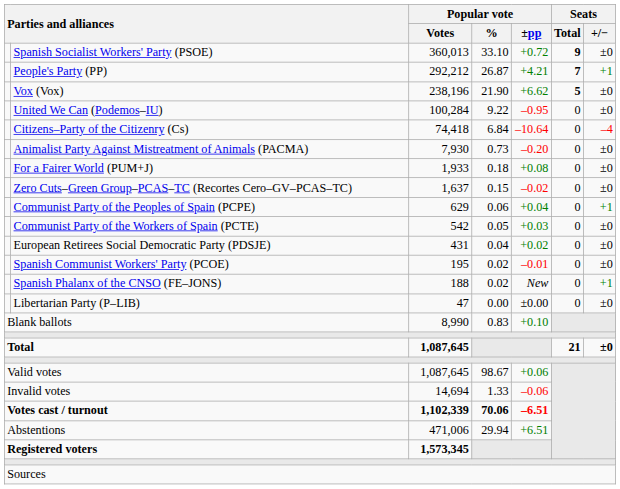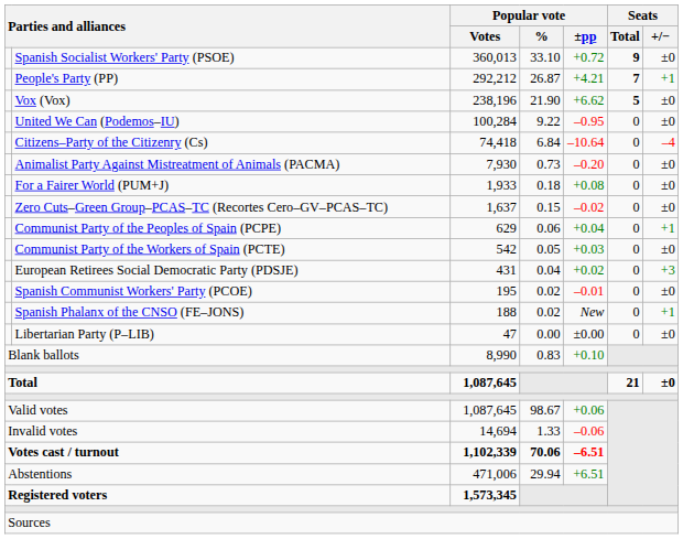 <table class="wikitable" style="text-align:right;">
 <tr>
 <th style="text-align:left;" rowspan="2" colspan="2" width="525">Parties and alliances</th>
 <th colspan="3">Popular vote</th>
 <th colspan="2">Seats</th>
 </tr>
 <tr>
 <th width="75">Votes</th>
 <th width="45">%</th>
 <th width="45">±<a href='#'>pp</a></th>
 <th width="35">Total</th>
 <th width="35">+/−</th>
 </tr>
 <tr>
 <td width="1" style="color:inherit;background:"></td>
 <td align="left"><a href='#'>Spanish Socialist Workers' Party</a> (PSOE)</td>
 <td>360,013</td>
 <td>33.10</td>
 <td style="color:green;">+0.72</td>
 <td><strong>9</strong></td>
 <td>±0</td>
 </tr>
 <tr>
 <td style="color:inherit;background:"></td>
 <td align="left"><a href='#'>People's Party</a> (PP)</td>
 <td>292,212</td>
 <td>26.87</td>
 <td style="color:green;">+4.21</td>
 <td><strong>7</strong></td>
 <td style="color:green;">+1</td>
 </tr>
 <tr>
 <td style="color:inherit;background:"></td>
 <td align="left"><a href='#'>Vox</a> (Vox)</td>
 <td>238,196</td>
 <td>21.90</td>
 <td style="color:green;">+6.62</td>
 <td><strong>5</strong></td>
 <td>±0</td>
 </tr>
 <tr>
 <td style="color:inherit;background:"></td>
 <td align="left"><a href='#'>United We Can</a> (<a href='#'>Podemos</a>–<a href='#'>IU</a>)</td>
 <td>100,284</td>
 <td>9.22</td>
 <td style="color:red;">–0.95</td>
 <td>0</td>
 <td>±0</td>
 </tr>
 <tr>
 <td style="color:inherit;background:"></td>
 <td align="left"><a href='#'>Citizens–Party of the Citizenry</a> (Cs)</td>
 <td>74,418</td>
 <td>6.84</td>
 <td style="color:red;">–10.64</td>
 <td>0</td>
 <td style="color:red;">–4</td>
 </tr>
 <tr>
 <td style="color:inherit;background:"></td>
 <td align="left"><a href='#'>Animalist Party Against Mistreatment of Animals</a> (PACMA)</td>
 <td>7,930</td>
 <td>0.73</td>
 <td style="color:red;">–0.20</td>
 <td>0</td>
 <td>±0</td>
 </tr>
 <tr>
 <td style="color:inherit;background:"></td>
 <td align="left"><a href='#'>For a Fairer World</a> (PUM+J)</td>
 <td>1,933</td>
 <td>0.18</td>
 <td style="color:green;">+0.08</td>
 <td>0</td>
 <td>±0</td>
 </tr>
 <tr>
 <td style="color:inherit;background:"></td>
 <td align="left"><a href='#'>Zero Cuts</a>–<a href='#'>Green Group</a>–<a href='#'>PCAS</a>–<a href='#'>TC</a> (Recortes Cero–GV–PCAS–TC)</td>
 <td>1,637</td>
 <td>0.15</td>
 <td style="color:red;">–0.02</td>
 <td>0</td>
 <td>±0</td>
 </tr>
 <tr>
 <td style="color:inherit;background:"></td>
 <td align="left"><a href='#'>Communist Party of the Peoples of Spain</a> (PCPE)</td>
 <td>629</td>
 <td>0.06</td>
 <td style="color:green;">+0.04</td>
 <td>0</td>
 <td style="color:green;">+1</td>
 </tr>
 <tr>
 <td style="color:inherit;background:"></td>
 <td align="left"><a href='#'>Communist Party of the Workers of Spain</a> (PCTE)</td>
 <td>542</td>
 <td>0.05</td>
 <td style="color:green;">+0.03</td>
 <td>0</td>
 <td>±0</td>
 </tr>
 <tr>
 <td style="color:inherit;background:"></td>
 <td align="left">European Retirees Social Democratic Party (PDSJE)</td>
 <td>431</td>
 <td>0.04</td>
 <td style="color:green;">+0.02</td>
 <td>0</td>
-<td>±0</td>
+<td style="color:green;">+3</td>
 </tr>
 <tr>
 <td style="color:inherit;background:"></td>
 <td align="left"><a href='#'>Spanish Communist Workers' Party</a> (PCOE)</td>
 <td>195</td>
 <td>0.02</td>
 <td style="color:red;">–0.01</td>
 <td>0</td>
 <td>±0</td>
 </tr>
 <tr>
 <td style="color:inherit;background:"></td>
 <td align="left"><a href='#'>Spanish Phalanx of the CNSO</a> (FE–JONS)</td>
 <td>188</td>
 <td>0.02</td>
 <td><em>New</em></td>
 <td>0</td>
 <td style="color:green;">+1</td>
 </tr>
 <tr>
 <td style="color:inherit;background:"></td>
 <td align="left">Libertarian Party (P–LIB)</td>
 <td>47</td>
 <td>0.00</td>
 <td>±0.00</td>
 <td>0</td>
 <td>±0</td>
 </tr>
 <tr>
 <td align="left" colspan="2">Blank ballots</td>
 <td>8,990</td>
 <td>0.83</td>
 <td style="color:green;">+0.10</td>
 <td bgcolor="#E9E9E9" colspan="2"></td>
 </tr>
 <tr>
 <td colspan="7" bgcolor="#E9E9E9"></td>
 </tr>
 <tr style="font-weight:bold;">
 <td align="left" colspan="2">Total</td>
 <td>1,087,645</td>
 <td bgcolor="#E9E9E9" colspan="2"></td>
 <td>21</td>
 <td>±0</td>
 </tr>
 <tr>
 <td colspan="7" bgcolor="#E9E9E9"></td>
 </tr>
 <tr>
 <td align="left" colspan="2">Valid votes</td>
 <td>1,087,645</td>
 <td>98.67</td>
 <td style="color:green;">+0.06</td>
 <td bgcolor="#E9E9E9" colspan="2" rowspan="5"></td>
 </tr>
 <tr>
 <td align="left" colspan="2">Invalid votes</td>
 <td>14,694</td>
 <td>1.33</td>
 <td style="color:red;">–0.06</td>
 </tr>
 <tr style="font-weight:bold;">
 <td align="left" colspan="2">Votes cast / turnout</td>
 <td>1,102,339</td>
 <td>70.06</td>
 <td style="color:red;">–6.51</td>
 </tr>
 <tr>
 <td align="left" colspan="2">Abstentions</td>
 <td>471,006</td>
 <td>29.94</td>
 <td style="color:green;">+6.51</td>
 </tr>
 <tr style="font-weight:bold;">
 <td align="left" colspan="2">Registered voters</td>
 <td>1,573,345</td>
 <td bgcolor="#E9E9E9" colspan="2"></td>
 </tr>
 <tr>
 <td colspan="7" bgcolor="#E9E9E9"></td>
 </tr>
 <tr>
 <td align="left" colspan="7">Sources</td>
 </tr>
 </table>
